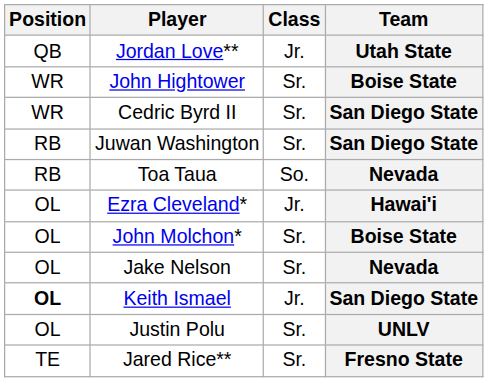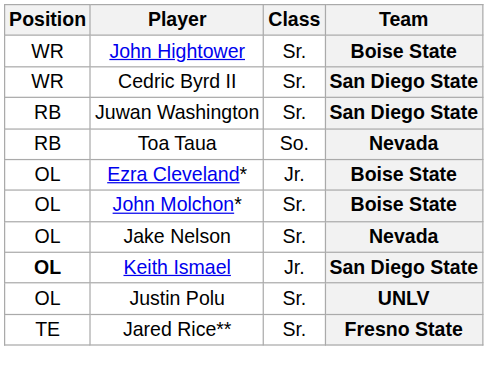 <table class="wikitable sortable">
 <tr>
 <th>Position</th>
 <th>Player</th>
 <th>Class</th>
 <th>Team</th>
-</tr>
-<tr style="text-align:center;">
-<td style="background:white">QB</td>
-<td style="background:white"><a href='#'>Jordan Love</a>**</td>
-<td style="background:white">Jr.</td>
-<th>Utah State</th>
 </tr>
 <tr style="text-align:center;">
 <td style="background:white">WR</td>
 <td style="background:white"><a href='#'>John Hightower</a></td>
 <td style="background:white">Sr.</td>
 <th>Boise State</th>
 </tr>
 <tr style="text-align:center;">
 <td style="background:white">WR</td>
 <td style="background:white">Cedric Byrd II</td>
 <td style="background:white">Sr.</td>
 <th>San Diego State</th>
 </tr>
 <tr style="text-align:center;">
 <td style="background:white">RB</td>
 <td style="background:white">Juwan Washington</td>
 <td style="background:white">Sr.</td>
 <th>San Diego State</th>
 </tr>
 <tr style="text-align:center;">
 <td style="background:white">RB</td>
 <td style="background:white">Toa Taua</td>
 <td style="background:white">So.</td>
 <th>Nevada</th>
 </tr>
 <tr style="text-align:center;">
 <td style="background:white">OL</td>
 <td style="background:white"><a href='#'>Ezra Cleveland</a>*</td>
 <td style="background:white">Jr.</td>
-<th>Hawai'i</th>
+<th>Boise State</th>
 </tr>
 <tr style="text-align:center;">
 <td style="background:white">OL</td>
 <td style="background:white"><a href='#'>John Molchon</a>*</td>
 <td style="background:white">Sr.</td>
 <th>Boise State</th>
 </tr>
 <tr style="text-align:center;">
 <td style="background:white">OL</td>
 <td style="background:white">Jake Nelson</td>
 <td style="background:white">Sr.</td>
 <th>Nevada</th>
 </tr>
 <tr style="text-align:center;">
 <td style="background:white"><strong>OL</strong></td>
 <td style="background:white"><a href='#'>Keith Ismael</a></td>
 <td style="background:white">Jr.</td>
 <th>San Diego State</th>
 </tr>
 <tr style="text-align:center;">
 <td style="background:white">OL</td>
 <td style="background:white">Justin Polu</td>
 <td style="background:white">Sr.</td>
 <th>UNLV</th>
 </tr>
 <tr style="text-align:center;">
 <td style="background:white">TE</td>
 <td style="background:white">Jared Rice**</td>
 <td style="background:white">Sr.</td>
 <th>Fresno State</th>
 </tr>
 </table>
